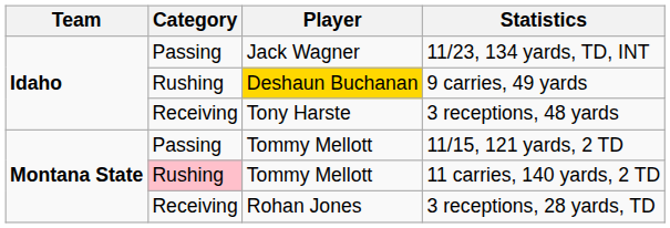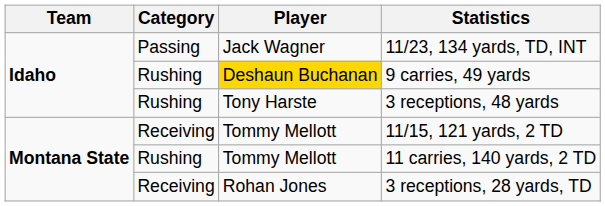 <table class="wikitable" style="float: right;">
 <tr>
 <th>Team</th>
 <th>Category</th>
 <th>Player</th>
 <th>Statistics</th>
 </tr>
 <tr>
 <td rowspan=3><strong>Idaho</strong></td>
 <td>Passing</td>
 <td>Jack Wagner</td>
 <td>11/23, 134 yards, TD, INT</td>
 </tr>
 <tr>
 <td>Rushing</td>
 <td style="background: gold;">Deshaun Buchanan</td>
 <td>9 carries, 49 yards</td>
 </tr>
 <tr>
-<td>Receiving</td>
+<td>Rushing</td>
 <td>Tony Harste</td>
 <td>3 receptions, 48 yards</td>
 </tr>
 <tr>
 <td rowspan=3><strong>Montana State</strong></td>
-<td>Passing</td>
+<td>Receiving</td>
 <td>Tommy Mellott</td>
 <td>11/15, 121 yards, 2 TD</td>
 </tr>
 <tr>
-<td style="background: pink;">Rushing</td>
+<td>Rushing</td>
 <td>Tommy Mellott</td>
 <td>11 carries, 140 yards, 2 TD</td>
 </tr>
 <tr>
 <td>Receiving</td>
 <td>Rohan Jones</td>
 <td>3 receptions, 28 yards, TD</td>
 </tr>
 </table>
